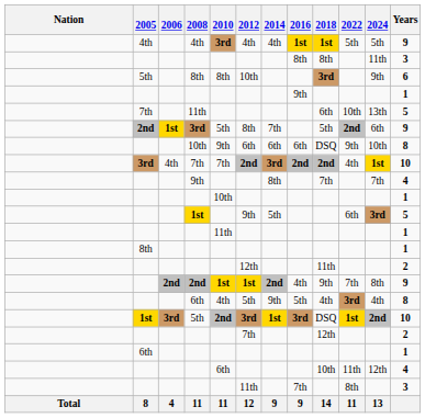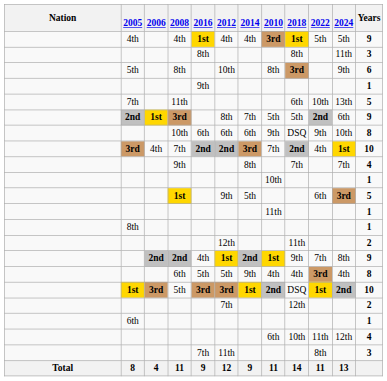 <table class="wikitable" style="text-align:center; font-size:90%">
 <tr>
 <th width=170>Nation</th>
 <th><br><a href='#'>2005</a></th>
 <th><br><a href='#'>2006</a></th>
 <th><br><a href='#'>2008</a></th>
-<th><br><a href='#'>2010</a></th>
+<th><br><a href='#'>2016</a></th>
 <th><br><a href='#'>2012</a></th>
 <th><br><a href='#'>2014</a></th>
-<th><br><a href='#'>2016</a></th>
+<th><br><a href='#'>2010</a></th>
 <th><br><a href='#'>2018</a></th>
 <th><br><a href='#'>2022</a></th>
 <th><br><a href='#'>2024</a></th>
 <th>Years</th>
 </tr>
 <tr>
 <td align=left></td>
 <td>4th</td>
 <td></td>
 <td>4th</td>
-<td bgcolor=#cc9966><strong>3rd</strong></td>
+<td bgcolor="gold"><strong>1st</strong></td>
 <td>4th</td>
 <td>4th</td>
-<td bgcolor="gold"><strong>1st</strong></td>
+<td bgcolor=#cc9966><strong>3rd</strong></td>
 <td bgcolor="gold"><strong>1st</strong></td>
 <td>5th</td>
 <td>5th</td>
 <td><strong>9</strong></td>
 </tr>
 <tr>
 <td align=left></td>
 <td></td>
 <td></td>
 <td></td>
+<td>8th</td>
 <td></td>
 <td></td>
 <td></td>
-<td>8th</td>
 <td>8th</td>
 <td></td>
 <td>11th</td>
 <td><strong>3</strong></td>
 </tr>
 <tr>
 <td align=left></td>
 <td>5th</td>
 <td></td>
 <td>8th</td>
-<td>8th</td>
+<td></td>
 <td>10th</td>
 <td></td>
-<td></td>
+<td>8th</td>
 <td bgcolor="#cc9966"><strong>3rd</strong></td>
 <td></td>
 <td>9th</td>
 <td><strong>6</strong></td>
 </tr>
 <tr>
 <td align=left></td>
 <td></td>
 <td></td>
 <td></td>
+<td>9th</td>
 <td></td>
 <td></td>
 <td></td>
-<td>9th</td>
 <td></td>
 <td></td>
 <td></td>
 <td><strong>1</strong></td>
 </tr>
 <tr>
 <td align=left></td>
 <td>7th</td>
 <td></td>
 <td>11th</td>
 <td></td>
 <td></td>
 <td></td>
 <td></td>
 <td>6th</td>
 <td>10th</td>
 <td>13th</td>
 <td><strong>5</strong></td>
 </tr>
 <tr>
 <td align=left></td>
 <td bgcolor="silver"><strong>2nd</strong></td>
 <td bgcolor="gold"><strong>1st</strong></td>
 <td bgcolor="#cc9966"><strong>3rd</strong></td>
-<td>5th</td>
+<td></td>
 <td>8th</td>
 <td>7th</td>
-<td></td>
+<td>5th</td>
 <td>5th</td>
 <td bgcolor="silver"><strong>2nd</strong></td>
 <td>6th</td>
 <td><strong>9</strong></td>
 </tr>
 <tr>
 <td align=left></td>
 <td></td>
 <td></td>
 <td>10th</td>
-<td>9th</td>
 <td>6th</td>
 <td>6th</td>
 <td>6th</td>
+<td>9th</td>
 <td>DSQ</td>
 <td>9th</td>
 <td>10th</td>
 <td><strong>8</strong></td>
 </tr>
 <tr>
 <td align=left></td>
 <td bgcolor="#cc9966"><strong>3rd</strong></td>
 <td>4th</td>
 <td>7th</td>
-<td>7th</td>
+<td bgcolor="silver"><strong>2nd</strong></td>
 <td bgcolor="silver"><strong>2nd</strong></td>
 <td bgcolor="#cc9966"><strong>3rd</strong></td>
-<td bgcolor="silver"><strong>2nd</strong></td>
+<td>7th</td>
 <td bgcolor="silver"><strong>2nd</strong></td>
 <td>4th</td>
 <td bgcolor="gold"><strong>1st</strong></td>
 <td><strong>10</strong></td>
 </tr>
 <tr>
 <td align=left></td>
 <td></td>
 <td></td>
 <td>9th</td>
 <td></td>
 <td></td>
 <td>8th</td>
 <td></td>
 <td>7th</td>
 <td></td>
 <td>7th</td>
 <td><strong>4</strong></td>
 </tr>
 <tr>
 <td align=left></td>
 <td></td>
 <td></td>
 <td></td>
-<td>10th</td>
 <td></td>
 <td></td>
 <td></td>
+<td>10th</td>
 <td></td>
 <td></td>
 <td></td>
 <td><strong>1</strong></td>
 </tr>
 <tr>
 <td align=left></td>
 <td></td>
 <td></td>
 <td bgcolor="gold"><strong>1st</strong></td>
 <td></td>
 <td>9th</td>
 <td>5th</td>
 <td></td>
 <td></td>
 <td>6th</td>
 <td bgcolor="#cc9966"><strong>3rd</strong></td>
 <td><strong>5</strong></td>
 </tr>
 <tr>
 <td align=left></td>
 <td></td>
 <td></td>
 <td></td>
-<td>11th</td>
 <td></td>
 <td></td>
 <td></td>
+<td>11th</td>
 <td></td>
 <td></td>
 <td></td>
 <td><strong>1</strong></td>
 </tr>
 <tr>
 <td align=left></td>
 <td>8th</td>
 <td></td>
 <td></td>
 <td></td>
 <td></td>
 <td></td>
 <td></td>
 <td></td>
 <td></td>
 <td></td>
 <td><strong>1</strong></td>
 </tr>
 <tr>
 <td align=left></td>
 <td></td>
 <td></td>
 <td></td>
 <td></td>
 <td>12th</td>
 <td></td>
 <td></td>
 <td>11th</td>
 <td></td>
 <td></td>
 <td><strong>2</strong></td>
 </tr>
 <tr>
 <td align=left></td>
 <td></td>
 <td bgcolor="silver"><strong>2nd</strong></td>
 <td bgcolor="silver"><strong>2nd</strong></td>
-<td bgcolor="gold"><strong>1st</strong></td>
+<td>4th</td>
 <td bgcolor="gold"><strong>1st</strong></td>
 <td bgcolor="silver"><strong>2nd</strong></td>
-<td>4th</td>
+<td bgcolor="gold"><strong>1st</strong></td>
 <td>9th</td>
 <td>7th</td>
 <td>8th</td>
 <td><strong>9</strong></td>
 </tr>
 <tr>
 <td align=left></td>
 <td></td>
 <td></td>
 <td>6th</td>
-<td>4th</td>
+<td>5th</td>
 <td>5th</td>
 <td>9th</td>
-<td>5th</td>
+<td>4th</td>
 <td>4th</td>
 <td bgcolor="#cc9966"><strong>3rd</strong></td>
 <td>4th</td>
 <td><strong>8</strong></td>
 </tr>
 <tr>
 <td align=left></td>
 <td bgcolor="gold"><strong>1st</strong></td>
 <td bgcolor="#cc9966"><strong>3rd</strong></td>
 <td>5th</td>
-<td bgcolor="silver"><strong>2nd</strong></td>
+<td bgcolor="#cc9966"><strong>3rd</strong></td>
 <td bgcolor="#cc9966"><strong>3rd</strong></td>
 <td bgcolor="gold"><strong>1st</strong></td>
-<td bgcolor="#cc9966"><strong>3rd</strong></td>
+<td bgcolor="silver"><strong>2nd</strong></td>
 <td>DSQ</td>
 <td bgcolor="gold"><strong>1st</strong></td>
 <td bgcolor="silver"><strong>2nd</strong></td>
 <td><strong>10</strong></td>
 </tr>
 <tr>
 <td align=left></td>
 <td></td>
 <td></td>
 <td></td>
 <td></td>
 <td>7th</td>
 <td></td>
 <td></td>
 <td>12th</td>
 <td></td>
 <td></td>
 <td><strong>2</strong></td>
 </tr>
 <tr>
 <td align=left></td>
 <td>6th</td>
 <td></td>
 <td></td>
 <td></td>
 <td></td>
 <td></td>
 <td></td>
 <td></td>
 <td></td>
 <td></td>
 <td><strong>1</strong></td>
 </tr>
 <tr>
 <td align=left></td>
 <td></td>
 <td></td>
 <td></td>
-<td>6th</td>
 <td></td>
 <td></td>
 <td></td>
+<td>6th</td>
 <td>10th</td>
 <td>11th</td>
 <td>12th</td>
 <td><strong>4</strong></td>
 </tr>
 <tr>
 <td align=left></td>
 <td></td>
 <td></td>
 <td></td>
-<td></td>
+<td>7th</td>
 <td>11th</td>
 <td></td>
-<td>7th</td>
+<td></td>
 <td></td>
 <td>8th</td>
 <td></td>
 <td><strong>3</strong></td>
 </tr>
 <tr>
 <th>Total</th>
 <th>8</th>
 <th>4</th>
 <th>11</th>
-<th>11</th>
+<th>9</th>
 <th>12</th>
 <th>9</th>
-<th>9</th>
+<th>11</th>
 <th>14</th>
 <th>11</th>
 <th>13</th>
 <th></th>
 </tr>
 </table>
